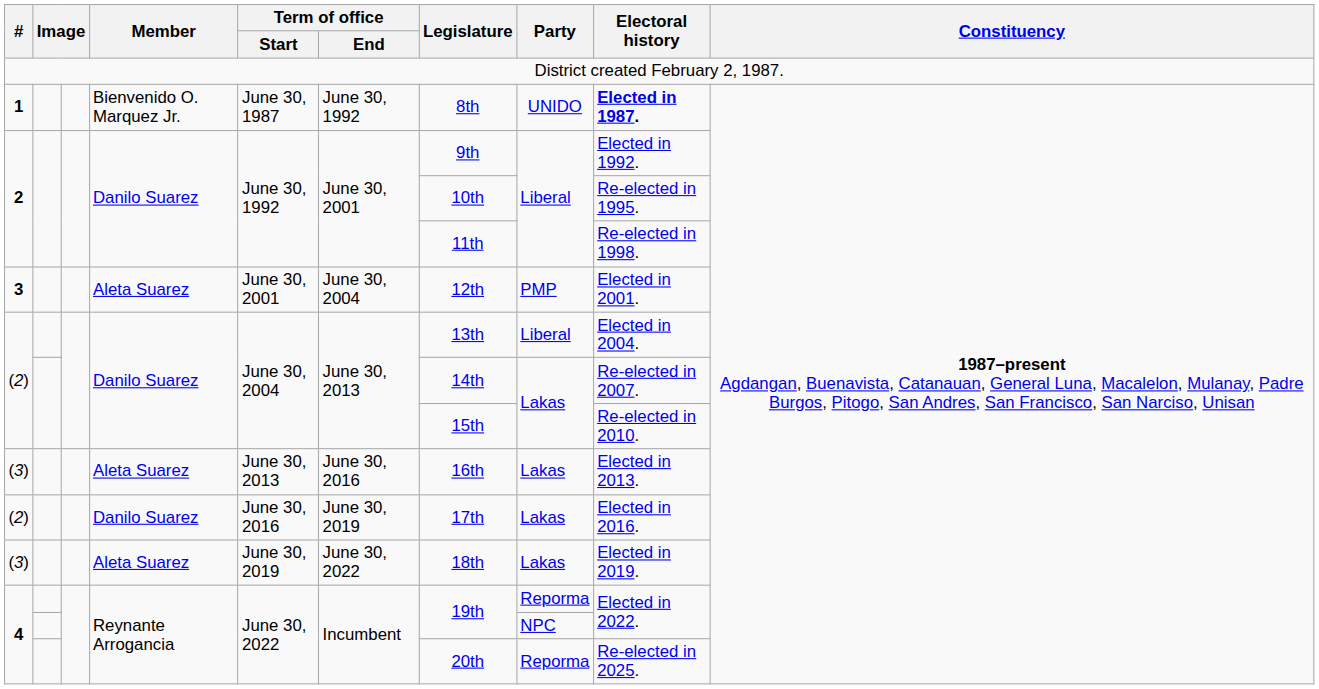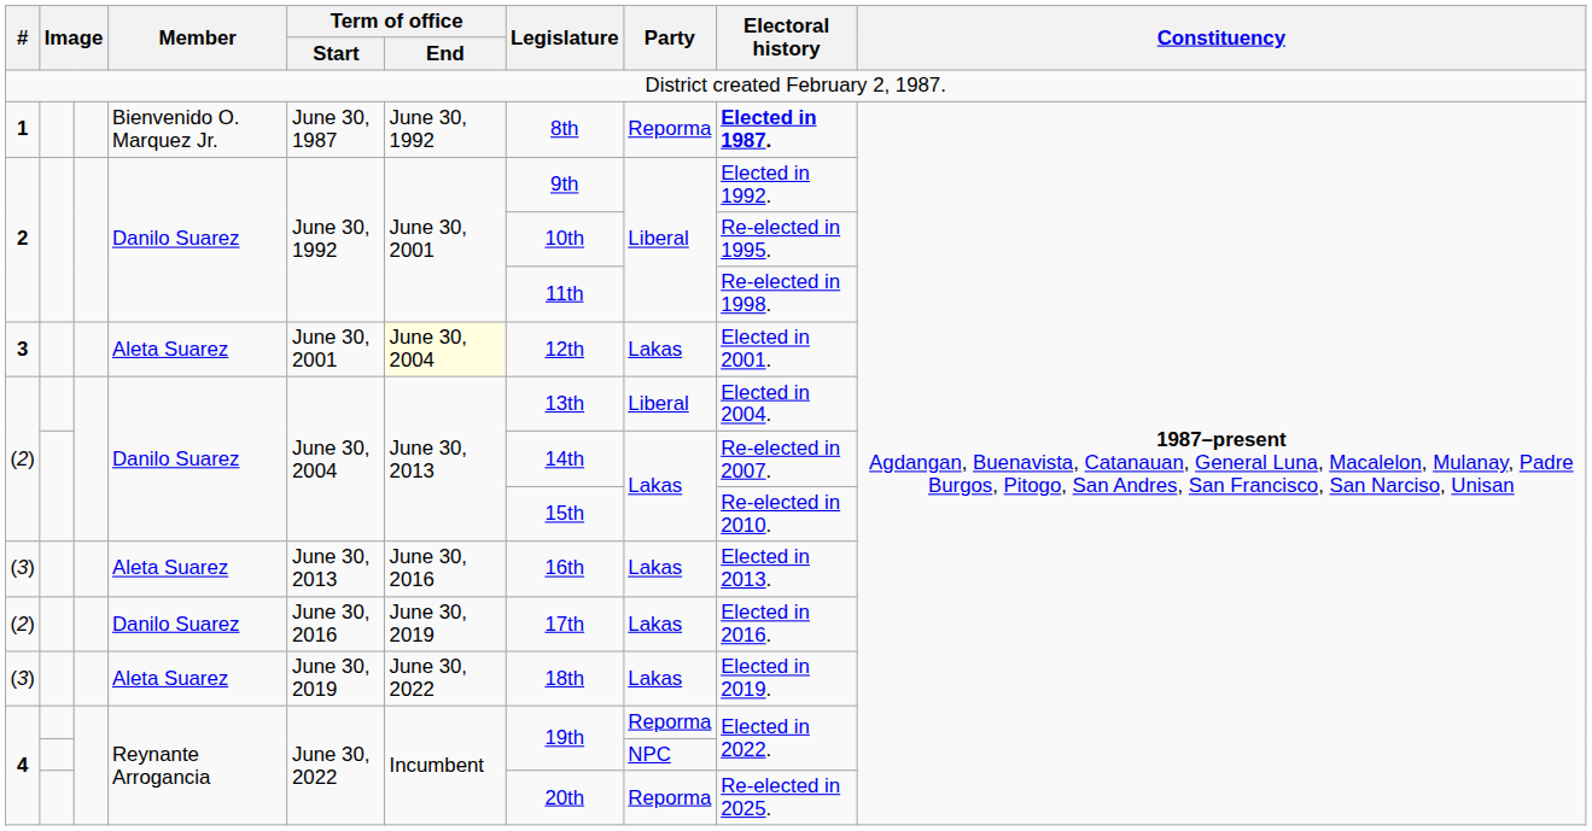 <table class=wikitable>
 <tr>
 <th rowspan="2">#</th>
 <th rowspan="2" colspan=2>Image</th>
 <th rowspan="2">Member</th>
 <th colspan=2>Term of office</th>
 <th rowspan="2">Legislature</th>
 <th rowspan="2">Party</th>
 <th rowspan="2">Electoral history</th>
 <th rowspan="2"><a href='#'>Constituency</a></th>
 </tr>
 <tr>
 <th>Start</th>
 <th>End</th>
 </tr>
 <tr>
 <td colspan="10" style="text-align:center;">District created February 2, 1987.</td>
 </tr>
 <tr>
 <td style="text-align:center;"><strong>1</strong></td>
 <td style="color:inherit;background:"></td>
 <td></td>
 <td>Bienvenido O. Marquez Jr.</td>
 <td>June 30, 1987</td>
 <td>June 30, 1992</td>
 <td style="text-align:center;"><a href='#'>8th</a></td>
-<td style="text-align:center;"><a href='#'>UNIDO</a></td>
+<td><a href='#'>Reporma</a></td>
 <td><strong><a href='#'>Elected in 1987</a>.</strong></td>
 <td rowspan="14" style="text-align:center;"><strong>1987–present</strong><br><a href='#'>Agdangan</a>, <a href='#'>Buenavista</a>, <a href='#'>Catanauan</a>, <a href='#'>General Luna</a>, <a href='#'>Macalelon</a>, <a href='#'>Mulanay</a>, <a href='#'>Padre Burgos</a>, <a href='#'>Pitogo</a>, <a href='#'>San Andres</a>, <a href='#'>San Francisco</a>, <a href='#'>San Narciso</a>, <a href='#'>Unisan</a></td>
 </tr>
 <tr>
 <td rowspan="3" style="text-align:center;"><strong>2</strong></td>
 <td rowspan="3" style="color:inherit;background:"></td>
 <td rowspan="3"></td>
 <td rowspan="3"><a href='#'>Danilo Suarez</a></td>
 <td rowspan="3">June 30, 1992</td>
 <td rowspan="3">June 30, 2001</td>
 <td style="text-align:center;"><a href='#'>9th</a></td>
 <td rowspan="3"><a href='#'>Liberal</a></td>
 <td><a href='#'>Elected in 1992</a>.</td>
 </tr>
 <tr>
 <td style="text-align:center;"><a href='#'>10th</a></td>
 <td><a href='#'>Re-elected in 1995</a>.</td>
 </tr>
 <tr>
 <td style="text-align:center;"><a href='#'>11th</a></td>
 <td><a href='#'>Re-elected in 1998</a>.</td>
 </tr>
 <tr>
 <td style="text-align:center;"><strong>3</strong></td>
 <td style="color:inherit;background:"></td>
 <td></td>
 <td><a href='#'>Aleta Suarez</a></td>
 <td>June 30, 2001</td>
-<td>June 30, 2004</td>
+<td style="background: lightyellow;">June 30, 2004</td>
 <td style="text-align:center;"><a href='#'>12th</a></td>
-<td><a href='#'>PMP</a></td>
+<td><a href='#'>Lakas</a></td>
 <td><a href='#'>Elected in 2001</a>.</td>
 </tr>
 <tr>
 <td rowspan="3" style="text-align:center;">(<em>2</em>)</td>
 <td style="color:inherit;background:"></td>
 <td rowspan="3"></td>
 <td rowspan="3"><a href='#'>Danilo Suarez</a></td>
 <td rowspan="3">June 30, 2004</td>
 <td rowspan="3">June 30, 2013</td>
 <td style="text-align:center;"><a href='#'>13th</a></td>
 <td><a href='#'>Liberal</a></td>
 <td><a href='#'>Elected in 2004</a>.</td>
 </tr>
 <tr>
 <td rowspan="2" style="color:inherit;background:"></td>
 <td style="text-align:center;"><a href='#'>14th</a></td>
 <td rowspan="2"><a href='#'>Lakas</a></td>
 <td><a href='#'>Re-elected in 2007</a>.</td>
 </tr>
 <tr>
 <td style="text-align:center;"><a href='#'>15th</a></td>
 <td><a href='#'>Re-elected in 2010</a>.</td>
 </tr>
 <tr>
 <td style="text-align:center;">(<em>3</em>)</td>
 <td style="color:inherit;background:"></td>
 <td></td>
 <td><a href='#'>Aleta Suarez</a></td>
 <td>June 30, 2013</td>
 <td>June 30, 2016</td>
 <td style="text-align:center;"><a href='#'>16th</a></td>
 <td><a href='#'>Lakas</a></td>
 <td><a href='#'>Elected in 2013</a>.</td>
 </tr>
 <tr>
 <td style="text-align:center;">(<em>2</em>)</td>
 <td style="color:inherit;background:"></td>
 <td></td>
 <td><a href='#'>Danilo Suarez</a></td>
 <td>June 30, 2016</td>
 <td>June 30, 2019</td>
 <td style="text-align:center;"><a href='#'>17th</a></td>
 <td><a href='#'>Lakas</a></td>
 <td><a href='#'>Elected in 2016</a>.</td>
 </tr>
 <tr>
 <td style="text-align:center;">(<em>3</em>)</td>
 <td style="color:inherit;background:"></td>
 <td></td>
 <td><a href='#'>Aleta Suarez</a></td>
 <td>June 30, 2019</td>
 <td>June 30, 2022</td>
 <td style="text-align:center;"><a href='#'>18th</a></td>
 <td><a href='#'>Lakas</a></td>
 <td><a href='#'>Elected in 2019</a>.</td>
 </tr>
 <tr>
 <td rowspan="3" style="text-align:center;"><strong>4</strong></td>
 <td style="color:inherit;background:"></td>
 <td rowspan="3"></td>
 <td rowspan="3">Reynante Arrogancia</td>
 <td rowspan="3">June 30, 2022</td>
 <td rowspan="3">Incumbent</td>
 <td rowspan="2" style="text-align:center;"><a href='#'>19th</a></td>
 <td><a href='#'>Reporma</a></td>
 <td rowspan="2"><a href='#'>Elected in 2022</a>.</td>
 </tr>
 <tr>
 <td style="color:inherit;background:"></td>
 <td><a href='#'>NPC</a></td>
 </tr>
 <tr>
 <td style="color:inherit;background:"></td>
 <td style="text-align: center;"><a href='#'>20th</a></td>
 <td><a href='#'>Reporma</a></td>
 <td><a href='#'>Re-elected in 2025</a>.</td>
 </tr>
 </table>
